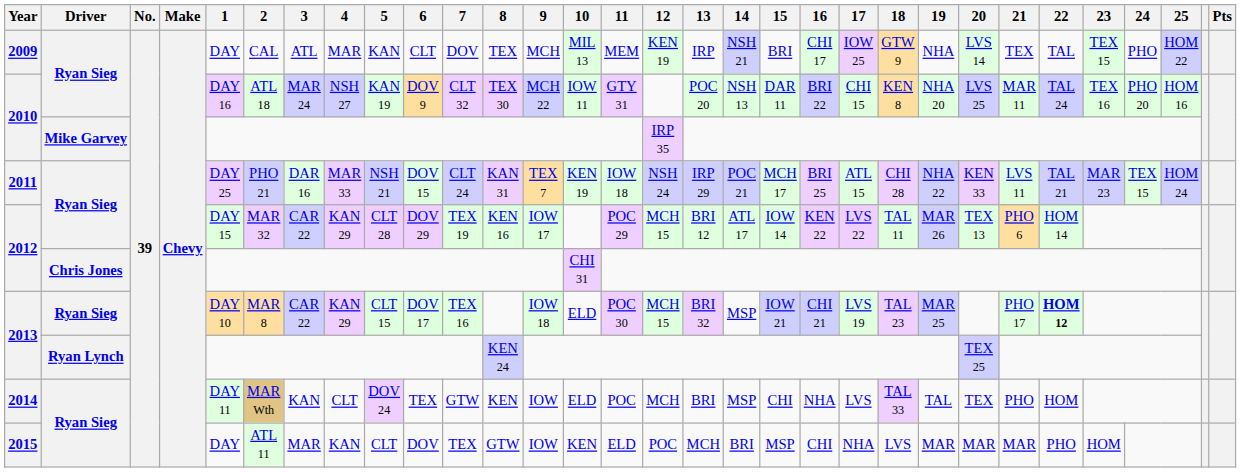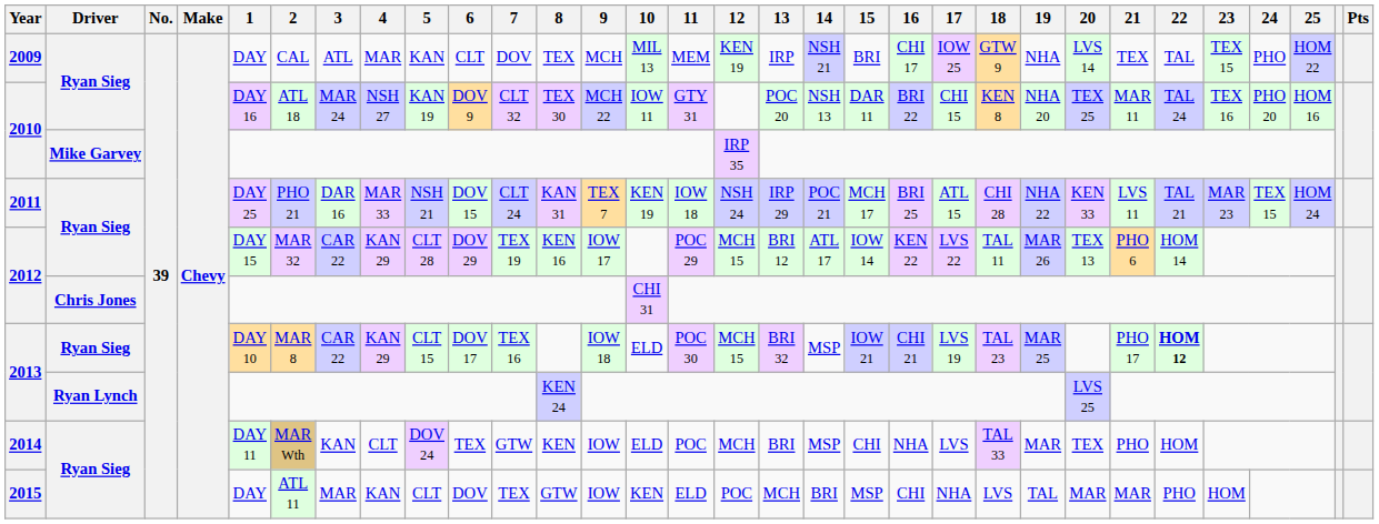 <table class="wikitable" style="text-align:center; font-size:75%">
 <tr>
 <th>Year</th>
 <th>Driver</th>
 <th>No.</th>
 <th>Make</th>
 <th>1</th>
 <th>2</th>
 <th>3</th>
 <th>4</th>
 <th>5</th>
 <th>6</th>
 <th>7</th>
 <th>8</th>
 <th>9</th>
 <th>10</th>
 <th>11</th>
 <th>12</th>
 <th>13</th>
 <th>14</th>
 <th>15</th>
 <th>16</th>
 <th>17</th>
 <th>18</th>
 <th>19</th>
 <th>20</th>
 <th>21</th>
 <th>22</th>
 <th>23</th>
 <th>24</th>
 <th>25</th>
 <th></th>
 <th>Pts</th>
 </tr>
 <tr>
 <th><a href='#'>2009</a></th>
 <th rowspan="2"><a href='#'>Ryan Sieg</a></th>
 <th rowspan="10">39</th>
 <th rowspan="10"><a href='#'>Chevy</a></th>
 <td><a href='#'>DAY</a></td>
 <td><a href='#'>CAL</a></td>
 <td><a href='#'>ATL</a></td>
 <td><a href='#'>MAR</a></td>
 <td><a href='#'>KAN</a></td>
 <td><a href='#'>CLT</a></td>
 <td><a href='#'>DOV</a></td>
 <td><a href='#'>TEX</a></td>
 <td><a href='#'>MCH</a></td>
 <td style="background:#DFFFDF"><a href='#'>MIL</a><br><small>13</small></td>
 <td><a href='#'>MEM</a></td>
 <td style="background:#DFFFDF"><a href='#'>KEN</a><br><small>19</small></td>
 <td><a href='#'>IRP</a></td>
 <td style="background:#CFCFFF"><a href='#'>NSH</a><br><small>21</small></td>
 <td><a href='#'>BRI</a></td>
 <td style="background:#DFFFDF"><a href='#'>CHI</a><br><small>17</small></td>
 <td style="background:#EFCFFF"><a href='#'>IOW</a><br><small>25</small></td>
 <td style="background:#FFDF9F"><a href='#'>GTW</a><br><small>9</small></td>
 <td><a href='#'>NHA</a></td>
 <td style="background:#DFFFDF"><a href='#'>LVS</a><br><small>14</small></td>
 <td><a href='#'>TEX</a></td>
 <td><a href='#'>TAL</a></td>
 <td style="background:#DFFFDF"><a href='#'>TEX</a><br><small>15</small></td>
 <td><a href='#'>PHO</a></td>
 <td style="background:#CFCFFF"><a href='#'>HOM</a><br><small>22</small></td>
 <th></th>
 <th></th>
 </tr>
 <tr>
 <th rowspan="2"><a href='#'>2010</a></th>
 <td style="background:#EFCFFF"><a href='#'>DAY</a><br><small>16</small></td>
 <td style="background:#DFFFDF"><a href='#'>ATL</a><br><small>18</small></td>
 <td style="background:#CFCFFF"><a href='#'>MAR</a><br><small>24</small></td>
 <td style="background:#CFCFFF"><a href='#'>NSH</a><br><small>27</small></td>
 <td style="background:#DFFFDF"><a href='#'>KAN</a><br><small>19</small></td>
 <td style="background:#FFDF9F"><a href='#'>DOV</a><br><small>9</small></td>
 <td style="background:#EFCFFF"><a href='#'>CLT</a><br><small>32</small></td>
 <td style="background:#EFCFFF"><a href='#'>TEX</a><br><small>30</small></td>
 <td style="background:#CFCFFF"><a href='#'>MCH</a><br><small>22</small></td>
 <td style="background:#DFFFDF"><a href='#'>IOW</a><br><small>11</small></td>
 <td style="background:#EFCFFF"><a href='#'>GTY</a><br><small>31</small></td>
 <td></td>
 <td style="background:#DFFFDF"><a href='#'>POC</a><br><small>20</small></td>
 <td style="background:#DFFFDF"><a href='#'>NSH</a><br><small>13</small></td>
 <td style="background:#DFFFDF"><a href='#'>DAR</a><br><small>11</small></td>
 <td style="background:#CFCFFF"><a href='#'>BRI</a><br><small>22</small></td>
 <td style="background:#DFFFDF"><a href='#'>CHI</a><br><small>15</small></td>
 <td style="background:#FFDF9F"><a href='#'>KEN</a><br><small>8</small></td>
 <td style="background:#DFFFDF"><a href='#'>NHA</a><br><small>20</small></td>
-<td style="background:#CFCFFF"><a href='#'>LVS</a><br><small>25</small></td>
+<td style="background:#CFCFFF"><a href='#'>TEX</a><br><small>25</small></td>
 <td style="background:#DFFFDF"><a href='#'>MAR</a><br><small>11</small></td>
 <td style="background:#CFCFFF"><a href='#'>TAL</a><br><small>24</small></td>
 <td style="background:#DFFFDF"><a href='#'>TEX</a><br><small>16</small></td>
 <td style="background:#DFFFDF"><a href='#'>PHO</a><br><small>20</small></td>
 <td style="background:#DFFFDF"><a href='#'>HOM</a><br><small>16</small></td>
 <th rowspan="2"></th>
 <th rowspan="2"></th>
 </tr>
 <tr>
 <th><a href='#'>Mike Garvey</a></th>
 <td colspan="11"></td>
 <td style="background:#EFCFFF"><a href='#'>IRP</a><br><small>35</small></td>
 <td colspan="13"></td>
 </tr>
 <tr>
 <th><a href='#'>2011</a></th>
 <th rowspan="2"><a href='#'>Ryan Sieg</a></th>
 <td style="background:#EFCFFF"><a href='#'>DAY</a><br><small>25</small></td>
 <td style="background:#CFCFFF"><a href='#'>PHO</a><br><small>21</small></td>
 <td style="background:#DFFFDF"><a href='#'>DAR</a><br><small>16</small></td>
 <td style="background:#EFCFFF"><a href='#'>MAR</a><br><small>33</small></td>
 <td style="background:#CFCFFF"><a href='#'>NSH</a><br><small>21</small></td>
 <td style="background:#DFFFDF"><a href='#'>DOV</a><br><small>15</small></td>
 <td style="background:#CFCFFF"><a href='#'>CLT</a><br><small>24</small></td>
 <td style="background:#EFCFFF"><a href='#'>KAN</a><br><small>31</small></td>
 <td style="background:#FFDF9F"><a href='#'>TEX</a><br><small>7</small></td>
 <td style="background:#DFFFDF"><a href='#'>KEN</a><br><small>19</small></td>
 <td style="background:#DFFFDF"><a href='#'>IOW</a><br><small>18</small></td>
 <td style="background:#CFCFFF"><a href='#'>NSH</a><br><small>24</small></td>
 <td style="background:#CFCFFF"><a href='#'>IRP</a><br><small>29</small></td>
 <td style="background:#CFCFFF"><a href='#'>POC</a><br><small>21</small></td>
 <td style="background:#DFFFDF"><a href='#'>MCH</a><br><small>17</small></td>
 <td style="background:#EFCFFF"><a href='#'>BRI</a><br><small>25</small></td>
 <td style="background:#DFFFDF"><a href='#'>ATL</a><br><small>15</small></td>
 <td style="background:#EFCFFF"><a href='#'>CHI</a><br><small>28</small></td>
 <td style="background:#CFCFFF"><a href='#'>NHA</a><br><small>22</small></td>
 <td style="background:#EFCFFF"><a href='#'>KEN</a><br><small>33</small></td>
 <td style="background:#DFFFDF"><a href='#'>LVS</a><br><small>11</small></td>
 <td style="background:#CFCFFF"><a href='#'>TAL</a><br><small>21</small></td>
 <td style="background:#CFCFFF"><a href='#'>MAR</a><br><small>23</small></td>
 <td style="background:#DFFFDF"><a href='#'>TEX</a><br><small>15</small></td>
 <td style="background:#CFCFFF"><a href='#'>HOM</a><br><small>24</small></td>
 <th></th>
 <th></th>
 </tr>
 <tr>
 <th rowspan="2"><a href='#'>2012</a></th>
 <td style="background:#DFFFDF"><a href='#'>DAY</a><br><small>15</small></td>
 <td style="background:#EFCFFF"><a href='#'>MAR</a><br><small>32</small></td>
 <td style="background:#CFCFFF"><a href='#'>CAR</a><br><small>22</small></td>
 <td style="background:#EFCFFF"><a href='#'>KAN</a><br><small>29</small></td>
 <td style="background:#EFCFFF"><a href='#'>CLT</a><br><small>28</small></td>
 <td style="background:#EFCFFF"><a href='#'>DOV</a><br><small>29</small></td>
 <td style="background:#DFFFDF"><a href='#'>TEX</a><br><small>19</small></td>
 <td style="background:#DFFFDF"><a href='#'>KEN</a><br><small>16</small></td>
 <td style="background:#DFFFDF"><a href='#'>IOW</a><br><small>17</small></td>
 <td></td>
 <td style="background:#EFCFFF"><a href='#'>POC</a><br><small>29</small></td>
 <td style="background:#DFFFDF"><a href='#'>MCH</a><br><small>15</small></td>
 <td style="background:#DFFFDF"><a href='#'>BRI</a><br><small>12</small></td>
 <td style="background:#DFFFDF"><a href='#'>ATL</a><br><small>17</small></td>
 <td style="background:#DFFFDF"><a href='#'>IOW</a><br><small>14</small></td>
 <td style="background:#EFCFFF"><a href='#'>KEN</a><br><small>22</small></td>
 <td style="background:#EFCFFF"><a href='#'>LVS</a><br><small>22</small></td>
 <td style="background:#DFFFDF"><a href='#'>TAL</a><br><small>11</small></td>
 <td style="background:#CFCFFF"><a href='#'>MAR</a><br><small>26</small></td>
 <td style="background:#DFFFDF"><a href='#'>TEX</a><br><small>13</small></td>
 <td style="background:#FFDF9F"><a href='#'>PHO</a><br><small>6</small></td>
 <td style="background:#DFFFDF"><a href='#'>HOM</a><br><small>14</small></td>
 <td colspan="3"></td>
 <th rowspan="2"></th>
 <th rowspan="2"></th>
 </tr>
 <tr>
 <th><a href='#'>Chris Jones</a></th>
 <td colspan="9"></td>
 <td style="background:#EFCFFF"><a href='#'>CHI</a><br><small>31</small></td>
 <td colspan="15"></td>
 </tr>
 <tr>
 <th rowspan="2"><a href='#'>2013</a></th>
 <th><a href='#'>Ryan Sieg</a></th>
 <td style="background:#FFDF9F"><a href='#'>DAY</a><br><small>10</small></td>
 <td style="background:#FFDF9F"><a href='#'>MAR</a><br><small>8</small></td>
 <td style="background:#CFCFFF"><a href='#'>CAR</a><br><small>22</small></td>
 <td style="background:#EFCFFF"><a href='#'>KAN</a><br><small>29</small></td>
 <td style="background:#DFFFDF"><a href='#'>CLT</a><br><small>15</small></td>
 <td style="background:#DFFFDF"><a href='#'>DOV</a><br><small>17</small></td>
 <td style="background:#DFFFDF"><a href='#'>TEX</a><br><small>16</small></td>
 <td></td>
 <td style="background:#DFFFDF"><a href='#'>IOW</a><br><small>18</small></td>
 <td><a href='#'>ELD</a></td>
 <td style="background:#EFCFFF"><a href='#'>POC</a><br><small>30</small></td>
 <td style="background:#DFFFDF"><a href='#'>MCH</a><br><small>15</small></td>
 <td style="background:#EFCFFF"><a href='#'>BRI</a><br><small>32</small></td>
 <td><a href='#'>MSP</a></td>
 <td style="background:#CFCFFF"><a href='#'>IOW</a><br><small>21</small></td>
 <td style="background:#CFCFFF"><a href='#'>CHI</a><br><small>21</small></td>
 <td style="background:#DFFFDF"><a href='#'>LVS</a><br><small>19</small></td>
 <td style="background:#EFCFFF"><a href='#'>TAL</a><br><small>23</small></td>
 <td style="background:#CFCFFF"><a href='#'>MAR</a><br><small>25</small></td>
 <td></td>
 <td style="background:#DFFFDF"><a href='#'>PHO</a><br><small>17</small></td>
 <td style="background:#DFFFDF"><strong><a href='#'>HOM</a><br><small>12</small></strong></td>
 <td colspan="3"></td>
 <th rowspan="2"></th>
 <th rowspan="2"></th>
 </tr>
 <tr>
 <th><a href='#'>Ryan Lynch</a></th>
 <td colspan="7"></td>
 <td style="background:#CFCFFF"><a href='#'>KEN</a><br><small>24</small></td>
 <td colspan="11"></td>
-<td style="background:#CFCFFF"><a href='#'>TEX</a><br><small>25</small></td>
+<td style="background:#CFCFFF"><a href='#'>LVS</a><br><small>25</small></td>
 <td colspan="5"></td>
 </tr>
 <tr>
 <th><a href='#'>2014</a></th>
 <th rowspan="2"><a href='#'>Ryan Sieg</a></th>
 <td style="background:#DFFFDF"><a href='#'>DAY</a><br><small>11</small></td>
 <td style="background:#DFC484"><a href='#'>MAR</a><br><small>Wth</small></td>
 <td><a href='#'>KAN</a></td>
 <td><a href='#'>CLT</a></td>
 <td style="background:#EFCFFF"><a href='#'>DOV</a><br><small>24</small></td>
 <td><a href='#'>TEX</a></td>
 <td><a href='#'>GTW</a></td>
 <td><a href='#'>KEN</a></td>
 <td><a href='#'>IOW</a></td>
 <td><a href='#'>ELD</a></td>
 <td><a href='#'>POC</a></td>
 <td><a href='#'>MCH</a></td>
 <td><a href='#'>BRI</a></td>
 <td><a href='#'>MSP</a></td>
 <td><a href='#'>CHI</a></td>
 <td><a href='#'>NHA</a></td>
 <td><a href='#'>LVS</a></td>
 <td style="background:#EFCFFF"><a href='#'>TAL</a><br><small>33</small></td>
-<td><a href='#'>TAL</a></td>
+<td><a href='#'>MAR</a></td>
 <td><a href='#'>TEX</a></td>
 <td><a href='#'>PHO</a></td>
 <td><a href='#'>HOM</a></td>
 <td colspan="3"></td>
 <th></th>
 <th></th>
 </tr>
 <tr>
 <th><a href='#'>2015</a></th>
 <td><a href='#'>DAY</a></td>
 <td style="background:#DFFFDF"><a href='#'>ATL</a><br><small>11</small></td>
 <td><a href='#'>MAR</a></td>
 <td><a href='#'>KAN</a></td>
 <td><a href='#'>CLT</a></td>
 <td><a href='#'>DOV</a></td>
 <td><a href='#'>TEX</a></td>
 <td><a href='#'>GTW</a></td>
 <td><a href='#'>IOW</a></td>
 <td><a href='#'>KEN</a></td>
 <td><a href='#'>ELD</a></td>
 <td><a href='#'>POC</a></td>
 <td><a href='#'>MCH</a></td>
 <td><a href='#'>BRI</a></td>
 <td><a href='#'>MSP</a></td>
 <td><a href='#'>CHI</a></td>
 <td><a href='#'>NHA</a></td>
 <td><a href='#'>LVS</a></td>
-<td><a href='#'>MAR</a></td>
+<td><a href='#'>TAL</a></td>
 <td><a href='#'>MAR</a></td>
 <td><a href='#'>MAR</a></td>
 <td><a href='#'>PHO</a></td>
 <td><a href='#'>HOM</a></td>
 <td colspan="2"></td>
 <th></th>
 <th></th>
 </tr>
 </table>
